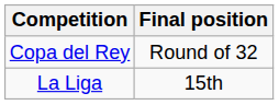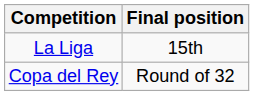 <table class="wikitable" style="font-size:100%; text-align:center">
 <tr>
 <th>Competition</th>
 <th>Final position</th>
 </tr>
 <tr style="background:">
+<td><a href='#'>La Liga</a></td>
+<td>15th</td>
+</tr>
+<tr style="background:">
 <td><a href='#'>Copa del Rey</a></td>
 <td>Round of 32</td>
 </tr>
-<tr style="background:">
-<td><a href='#'>La Liga</a></td>
-<td>15th</td>
-</tr>
 </table>
